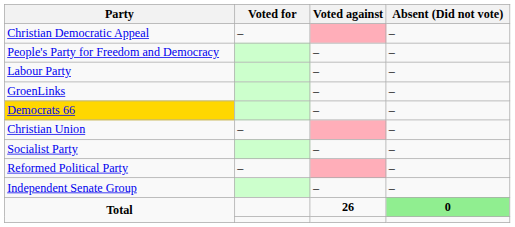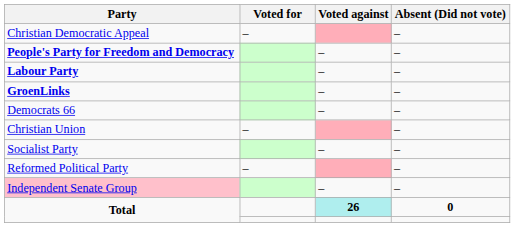 <table class="wikitable">
 <tr>
 <th>Party</th>
 <th style="width:15%;">Voted for</th>
 <th style="width:15%;">Voted against</th>
 <th>Absent (Did not vote)</th>
 </tr>
 <tr>
 <td> <a href='#'>Christian Democratic Appeal</a></td>
 <td>–</td>
 <td style="background:#ffaeb9;"></td>
 <td>–</td>
 </tr>
 <tr>
-<td> <a href='#'>People's Party for Freedom and Democracy</a></td>
+<td><strong> <a href='#'>People's Party for Freedom and Democracy</a></strong></td>
 <td style="background:#cfc;"></td>
 <td>–</td>
 <td>–</td>
 </tr>
 <tr>
-<td> <a href='#'>Labour Party</a></td>
+<td><strong> <a href='#'>Labour Party</a></strong></td>
 <td style="background:#cfc;"></td>
 <td>–</td>
 <td>–</td>
 </tr>
 <tr>
-<td> <a href='#'>GroenLinks</a></td>
+<td><strong> <a href='#'>GroenLinks</a></strong></td>
 <td style="background:#cfc;"></td>
 <td>–</td>
 <td>–</td>
 </tr>
 <tr>
-<td style="background: gold;"> <a href='#'>Democrats 66</a></td>
+<td> <a href='#'>Democrats 66</a></td>
 <td style="background:#cfc;"></td>
 <td>–</td>
 <td>–</td>
 </tr>
 <tr>
 <td> <a href='#'>Christian Union</a></td>
 <td>–</td>
 <td style="background:#ffaeb9;"></td>
 <td>–</td>
 </tr>
 <tr>
 <td> <a href='#'>Socialist Party</a></td>
 <td style="background:#cfc;"></td>
 <td>–</td>
 <td>–</td>
 </tr>
 <tr>
 <td> <a href='#'>Reformed Political Party</a></td>
 <td>–</td>
 <td style="background:#ffaeb9;"></td>
 <td>–</td>
 </tr>
 <tr>
-<td> <a href='#'>Independent Senate Group</a></td>
+<td style="background: pink;"> <a href='#'>Independent Senate Group</a></td>
 <td style="background:#cfc;"></td>
 <td>–</td>
 <td>–</td>
 </tr>
 <tr>
 <td style="text-align:center;" rowspan="2"><strong>Total</strong></td>
 <td></td>
-<td style="text-align:center;"><strong>26</strong></td>
-<td style="background: lightgreen; text-align:center;"><strong>0</strong></td>
+<td style="background: paleturquoise; text-align:center;"><strong>26</strong></td>
+<td style="text-align:center;"><strong>0</strong></td>
 </tr>
 <tr>
 <td style="text-align:center;"></td>
 <td style="text-align:center;"></td>
 <td style="text-align:center;"></td>
 </tr>
 </table>
